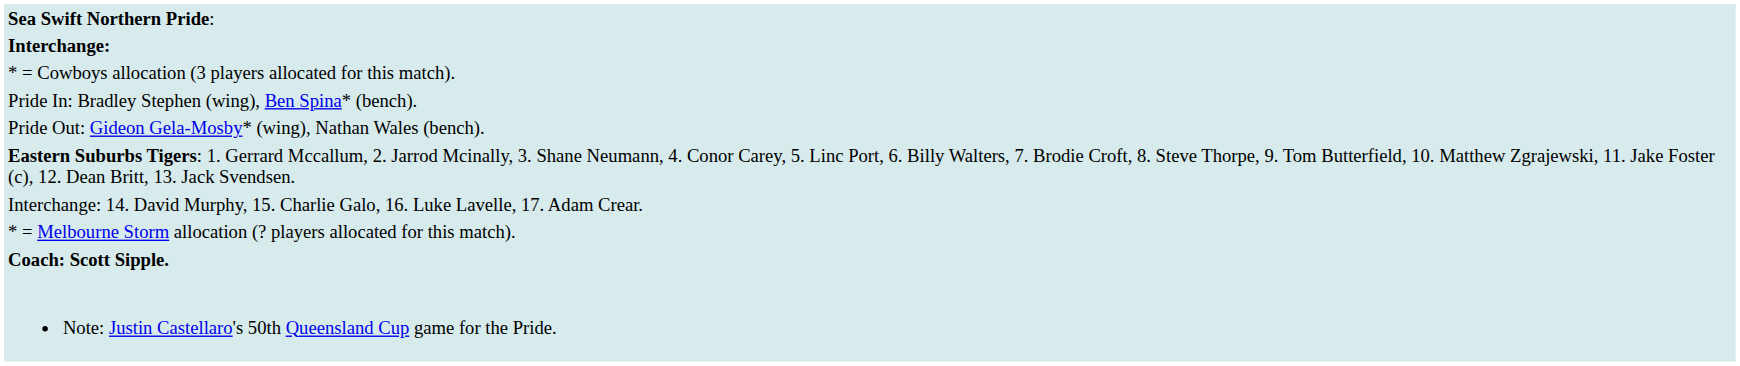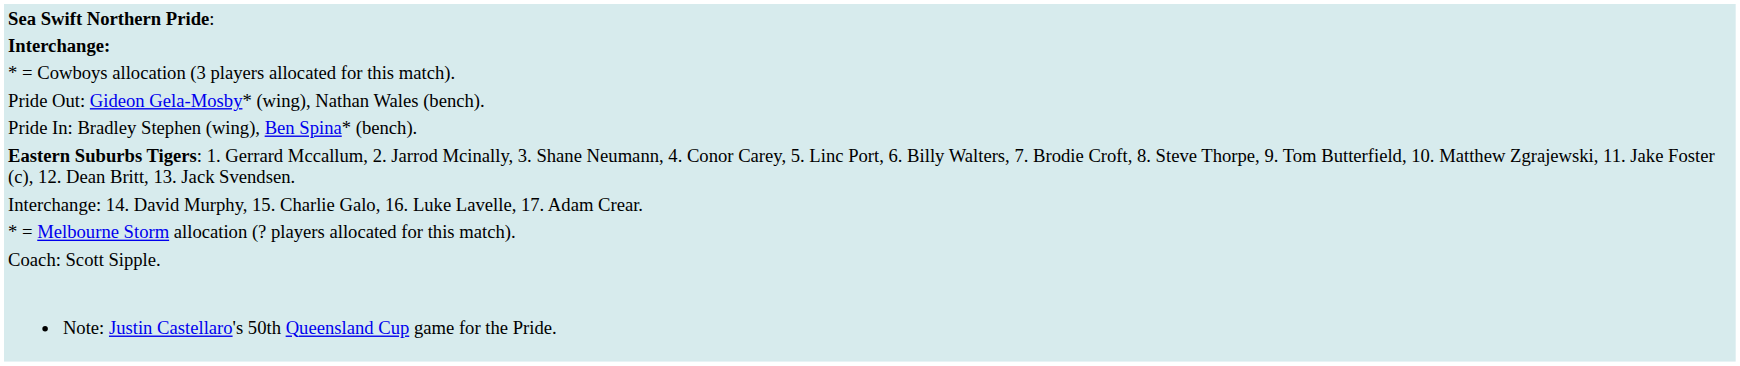 <table style="background:#d7ebed; font-size:85%; width:100%;">
 <tr>
 <td><strong>Sea Swift Northern Pride</strong>:             </td>
 </tr>
 <tr>
 <td><strong>Interchange:    </strong></td>
 </tr>
 <tr>
 <td>* = Cowboys allocation (3 players allocated for this match).</td>
 </tr>
 <tr>
-<td>Pride In: Bradley Stephen (wing), <a href='#'>Ben Spina</a>* (bench).</td>
+<td>Pride Out: <a href='#'>Gideon Gela-Mosby</a>* (wing), Nathan Wales (bench).</td>
 </tr>
 <tr>
-<td>Pride Out: <a href='#'>Gideon Gela-Mosby</a>* (wing), Nathan Wales (bench).</td>
+<td>Pride In: Bradley Stephen (wing), <a href='#'>Ben Spina</a>* (bench).</td>
 </tr>
 <tr>
 <td><strong>Eastern Suburbs Tigers</strong>: 1. Gerrard Mccallum, 2. Jarrod Mcinally, 3. Shane Neumann, 4. Conor Carey, 5. Linc Port, 6. Billy Walters, 7. Brodie Croft, 8. Steve Thorpe, 9. Tom Butterfield, 10. Matthew Zgrajewski, 11. Jake Foster (c), 12. Dean Britt, 13. Jack Svendsen.</td>
 </tr>
 <tr>
 <td>Interchange: 14. David Murphy, 15. Charlie Galo, 16. Luke Lavelle, 17. Adam Crear.</td>
 </tr>
 <tr>
 <td>* = <a href='#'>Melbourne Storm</a>  allocation (? players allocated for this match).</td>
 </tr>
 <tr>
-<td><strong>Coach: Scott Sipple.</strong></td>
+<td>Coach: Scott Sipple.</td>
 </tr>
 <tr>
 <td><br><ul><li>Note: <a href='#'>Justin Castellaro</a>'s 50th <a href='#'>Queensland Cup</a> game for the Pride.</li></ul></td>
 </tr>
 </table>
